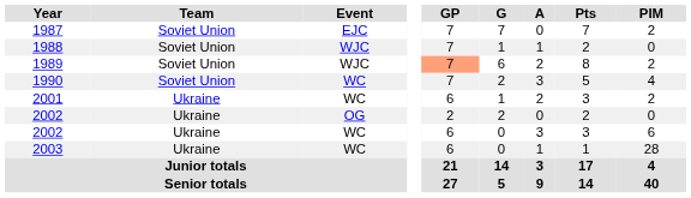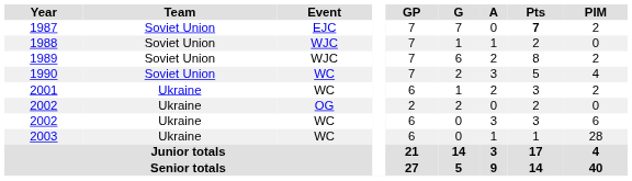 <table border="0" cellpadding="1" cellspacing="0" style="text-align:center; width:50em">
 <tr ALIGN="center" bgcolor="#e0e0e0">
 <th>Year</th>
 <th>Team</th>
 <th>Event</th>
 <th ALIGN="center" rowspan="99" bgcolor="#ffffff"> </th>
 <th>GP</th>
 <th>G</th>
 <th>A</th>
 <th>Pts</th>
 <th>PIM</th>
 </tr>
 <tr>
 <td><a href='#'>1987</a></td>
 <td><a href='#'>Soviet Union</a></td>
 <td><a href='#'>EJC</a></td>
 <td>7</td>
 <td>7</td>
 <td>0</td>
-<td>7</td>
+<td><strong>7</strong></td>
 <td>2</td>
 </tr>
 <tr bgcolor="#f0f0f0">
 <td><a href='#'>1988</a></td>
 <td>Soviet Union</td>
 <td><a href='#'>WJC</a></td>
 <td>7</td>
 <td>1</td>
 <td>1</td>
 <td>2</td>
 <td>0</td>
 </tr>
 <tr>
 <td><a href='#'>1989</a></td>
 <td>Soviet Union</td>
 <td>WJC</td>
-<td style="background: lightsalmon;">7</td>
+<td>7</td>
 <td>6</td>
 <td>2</td>
 <td>8</td>
 <td>2</td>
 </tr>
 <tr bgcolor="#f0f0f0">
 <td><a href='#'>1990</a></td>
 <td><a href='#'>Soviet Union</a></td>
 <td><a href='#'>WC</a></td>
 <td>7</td>
 <td>2</td>
 <td>3</td>
 <td>5</td>
 <td>4</td>
 </tr>
 <tr>
 <td><a href='#'>2001</a></td>
 <td><a href='#'>Ukraine</a></td>
 <td>WC</td>
 <td>6</td>
 <td>1</td>
 <td>2</td>
 <td>3</td>
 <td>2</td>
 </tr>
 <tr bgcolor="#f0f0f0">
 <td><a href='#'>2002</a></td>
 <td>Ukraine</td>
 <td><a href='#'>OG</a></td>
 <td>2</td>
 <td>2</td>
 <td>0</td>
 <td>2</td>
 <td>0</td>
 </tr>
 <tr>
 <td><a href='#'>2002</a></td>
 <td>Ukraine</td>
 <td>WC</td>
 <td>6</td>
 <td>0</td>
 <td>3</td>
 <td>3</td>
 <td>6</td>
 </tr>
 <tr bgcolor="#f0f0f0">
 <td><a href='#'>2003</a></td>
 <td>Ukraine</td>
 <td>WC</td>
 <td>6</td>
 <td>0</td>
 <td>1</td>
 <td>1</td>
 <td>28</td>
 </tr>
 <tr bgcolor="#e0e0e0">
 <th colspan=3>Junior totals</th>
 <th>21</th>
 <th>14</th>
 <th>3</th>
 <th>17</th>
 <th>4</th>
 </tr>
 <tr bgcolor="#e0e0e0">
 <th colspan=3>Senior totals</th>
 <th>27</th>
 <th>5</th>
 <th>9</th>
 <th>14</th>
 <th>40</th>
 </tr>
 </table>
